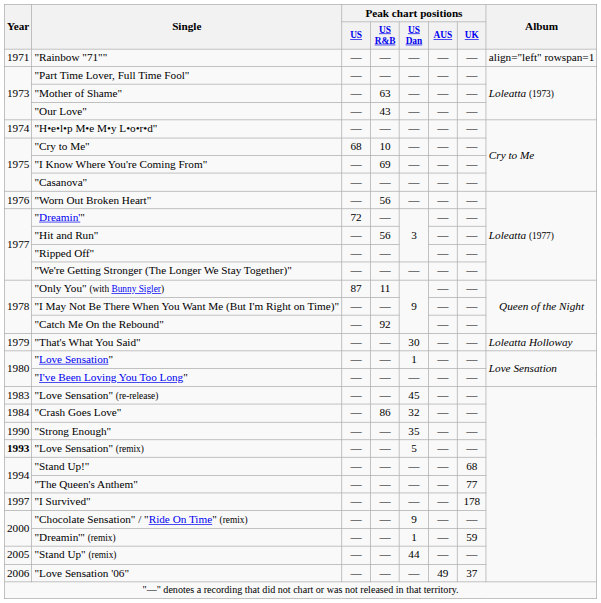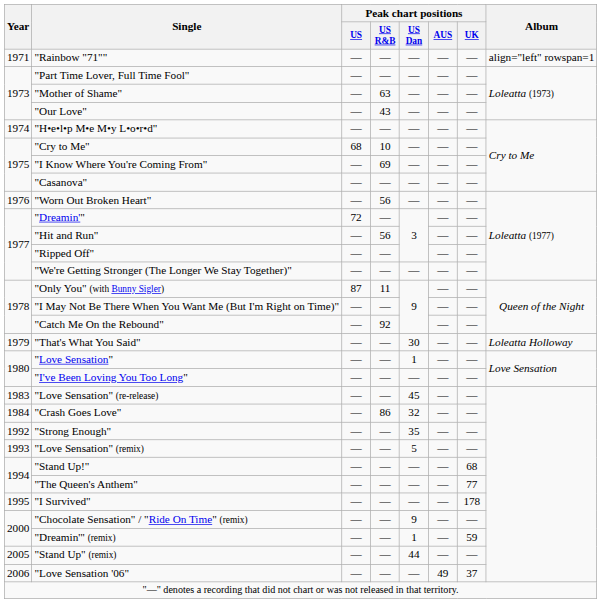 <table class="wikitable" style="text-align:center;">
 <tr>
 <th rowspan=2>Year</th>
 <th rowspan=2>Single</th>
 <th colspan=5>Peak chart positions</th>
 <th rowspan=2>Album</th>
 </tr>
 <tr style="font-size:smaller;">
 <th width=35><a href='#'>US</a><br></th>
 <th width=35><a href='#'>US<br>R&B</a><br></th>
 <th width=35><a href='#'>US<br>Dan</a><br></th>
 <th width=35><a href='#'>AUS</a><br></th>
 <th width=35><a href='#'>UK</a><br></th>
 </tr>
 <tr>
 <td rowspan=1>1971</td>
 <td align=left>"Rainbow "71""</td>
 <td>—</td>
 <td>—</td>
 <td>—</td>
 <td>—</td>
 <td>—</td>
 <td>align="left" rowspan=1 </td>
 </tr>
 <tr>
 <td rowspan=3>1973</td>
 <td align=left>"Part Time Lover, Full Time Fool"</td>
 <td>—</td>
 <td>—</td>
 <td>—</td>
 <td>—</td>
 <td>—</td>
 <td align="left" rowspan=3><em>Loleatta</em> <small>(1973)</small></td>
 </tr>
 <tr>
 <td align=left>"Mother of Shame"</td>
 <td>—</td>
 <td>63</td>
 <td>—</td>
 <td>—</td>
 <td>—</td>
 </tr>
 <tr>
 <td align=left>"Our Love"</td>
 <td>—</td>
 <td>43</td>
 <td>—</td>
 <td>—</td>
 <td>—</td>
 </tr>
 <tr>
 <td rowspan=1>1974</td>
 <td align=left>"H•e•l•p M•e M•y L•o•r•d"</td>
 <td>—</td>
 <td>—</td>
 <td>—</td>
 <td>—</td>
 <td>—</td>
 <td align="left" rowspan=4><em>Cry to Me</em></td>
 </tr>
 <tr>
 <td rowspan=3>1975</td>
 <td align=left>"Cry to Me"</td>
 <td>68</td>
 <td>10</td>
 <td>—</td>
 <td>—</td>
 <td>—</td>
 </tr>
 <tr>
 <td align=left>"I Know Where You're Coming From"</td>
 <td>—</td>
 <td>69</td>
 <td>—</td>
 <td>—</td>
 <td>—</td>
 </tr>
 <tr>
 <td align=left>"Casanova"</td>
 <td>—</td>
 <td>—</td>
 <td>—</td>
 <td>—</td>
 <td>—</td>
 </tr>
 <tr>
 <td rowspan=1>1976</td>
 <td align=left>"Worn Out Broken Heart"</td>
 <td>—</td>
 <td>56</td>
 <td>—</td>
 <td>—</td>
 <td>—</td>
 <td align="left" rowspan=5><em>Loleatta</em> <small>(1977)</small></td>
 </tr>
 <tr>
 <td rowspan=4>1977</td>
 <td align=left>"<a href='#'>Dreamin'</a>"</td>
 <td>72</td>
 <td>—</td>
 <td rowspan=3>3</td>
 <td>—</td>
 <td>—</td>
 </tr>
 <tr>
 <td align=left>"Hit and Run"</td>
 <td>—</td>
 <td>56</td>
 <td>—</td>
 <td>—</td>
 </tr>
 <tr>
 <td align=left>"Ripped Off"</td>
 <td>—</td>
 <td>—</td>
 <td>—</td>
 <td>—</td>
 </tr>
 <tr>
 <td align=left>"We're Getting Stronger (The Longer We Stay Together)"</td>
 <td>—</td>
 <td>—</td>
 <td>—</td>
 <td>—</td>
 <td>—</td>
 </tr>
 <tr>
 <td rowspan=3>1978</td>
 <td align=left>"Only You" <small>(with <a href='#'>Bunny Sigler</a>)</small></td>
 <td>87</td>
 <td>11</td>
 <td rowspan=3>9</td>
 <td>—</td>
 <td>—</td>
 <td rowspan=3><em>Queen of the Night</em></td>
 </tr>
 <tr>
 <td align=left>"I May Not Be There When You Want Me (But I'm Right on Time)"</td>
 <td>—</td>
 <td>—</td>
 <td>—</td>
 <td>—</td>
 </tr>
 <tr>
 <td align=left>"Catch Me On the Rebound"</td>
 <td>—</td>
 <td>92</td>
 <td>—</td>
 <td>—</td>
 </tr>
 <tr>
 <td rowspan=1>1979</td>
 <td align=left>"That's What You Said"</td>
 <td>—</td>
 <td>—</td>
 <td>30</td>
 <td>—</td>
 <td>—</td>
 <td align="left" rowspan=1><em>Loleatta Holloway</em></td>
 </tr>
 <tr>
 <td rowspan=2>1980</td>
 <td align=left>"<a href='#'>Love Sensation</a>"</td>
 <td>—</td>
 <td>—</td>
 <td>1</td>
 <td>—</td>
 <td>—</td>
 <td align="left" rowspan=2><em>Love Sensation</em></td>
 </tr>
 <tr>
 <td align=left>"<a href='#'>I've Been Loving You Too Long</a>"</td>
 <td>—</td>
 <td>—</td>
 <td>—</td>
 <td>—</td>
 <td>—</td>
 </tr>
 <tr>
 <td rowspan=1>1983</td>
 <td align=left>"Love Sensation" <small>(re-release)</small></td>
 <td>—</td>
 <td>—</td>
 <td>45</td>
 <td>—</td>
 <td>—</td>
 <td align="left" rowspan=11></td>
 </tr>
 <tr>
 <td rowspan=1>1984</td>
 <td align=left>"Crash Goes Love"</td>
 <td>—</td>
 <td>86</td>
 <td>32</td>
 <td>—</td>
 <td>—</td>
 </tr>
 <tr>
-<td rowspan=1>1990</td>
+<td rowspan=1>1992</td>
 <td align=left>"Strong Enough"</td>
 <td>—</td>
 <td>—</td>
 <td>35</td>
 <td>—</td>
 <td>—</td>
 </tr>
 <tr>
-<td rowspan=1><strong>1993</strong></td>
+<td rowspan=1>1993</td>
 <td align=left>"Love Sensation" <small>(remix)</small></td>
 <td>—</td>
 <td>—</td>
 <td>5</td>
 <td>—</td>
 <td>—</td>
 </tr>
 <tr>
 <td rowspan=2>1994</td>
 <td align=left>"Stand Up!"</td>
 <td>—</td>
 <td>—</td>
 <td>—</td>
 <td>—</td>
 <td>68</td>
 </tr>
 <tr>
 <td align=left>"The Queen's Anthem"</td>
 <td>—</td>
 <td>—</td>
 <td>—</td>
 <td>—</td>
 <td>77</td>
 </tr>
 <tr>
-<td rowspan=1>1997</td>
+<td rowspan=1>1995</td>
 <td align=left>"I Survived"</td>
 <td>—</td>
 <td>—</td>
 <td>—</td>
 <td>—</td>
 <td>178</td>
 </tr>
 <tr>
 <td rowspan=2>2000</td>
 <td align=left>"Chocolate Sensation" / "<a href='#'>Ride On Time</a>" <small>(remix)</small></td>
 <td>—</td>
 <td>—</td>
 <td>9</td>
 <td>—</td>
 <td>—</td>
 </tr>
 <tr>
 <td align=left>"Dreamin'" <small>(remix)</small></td>
 <td>—</td>
 <td>—</td>
 <td>1</td>
 <td>—</td>
 <td>59</td>
 </tr>
 <tr>
 <td>2005</td>
 <td align=left>"Stand Up" <small>(remix)</small></td>
 <td>—</td>
 <td>—</td>
 <td>44</td>
 <td>—</td>
 <td>—</td>
 </tr>
 <tr>
 <td>2006</td>
 <td align=left>"Love Sensation '06"</td>
 <td>—</td>
 <td>—</td>
 <td>—</td>
 <td>49</td>
 <td>37</td>
 </tr>
 <tr>
 <td colspan=15 style="font-size:90%">"—" denotes a recording that did not chart or was not released in that territory.</td>
 </tr>
 </table>
